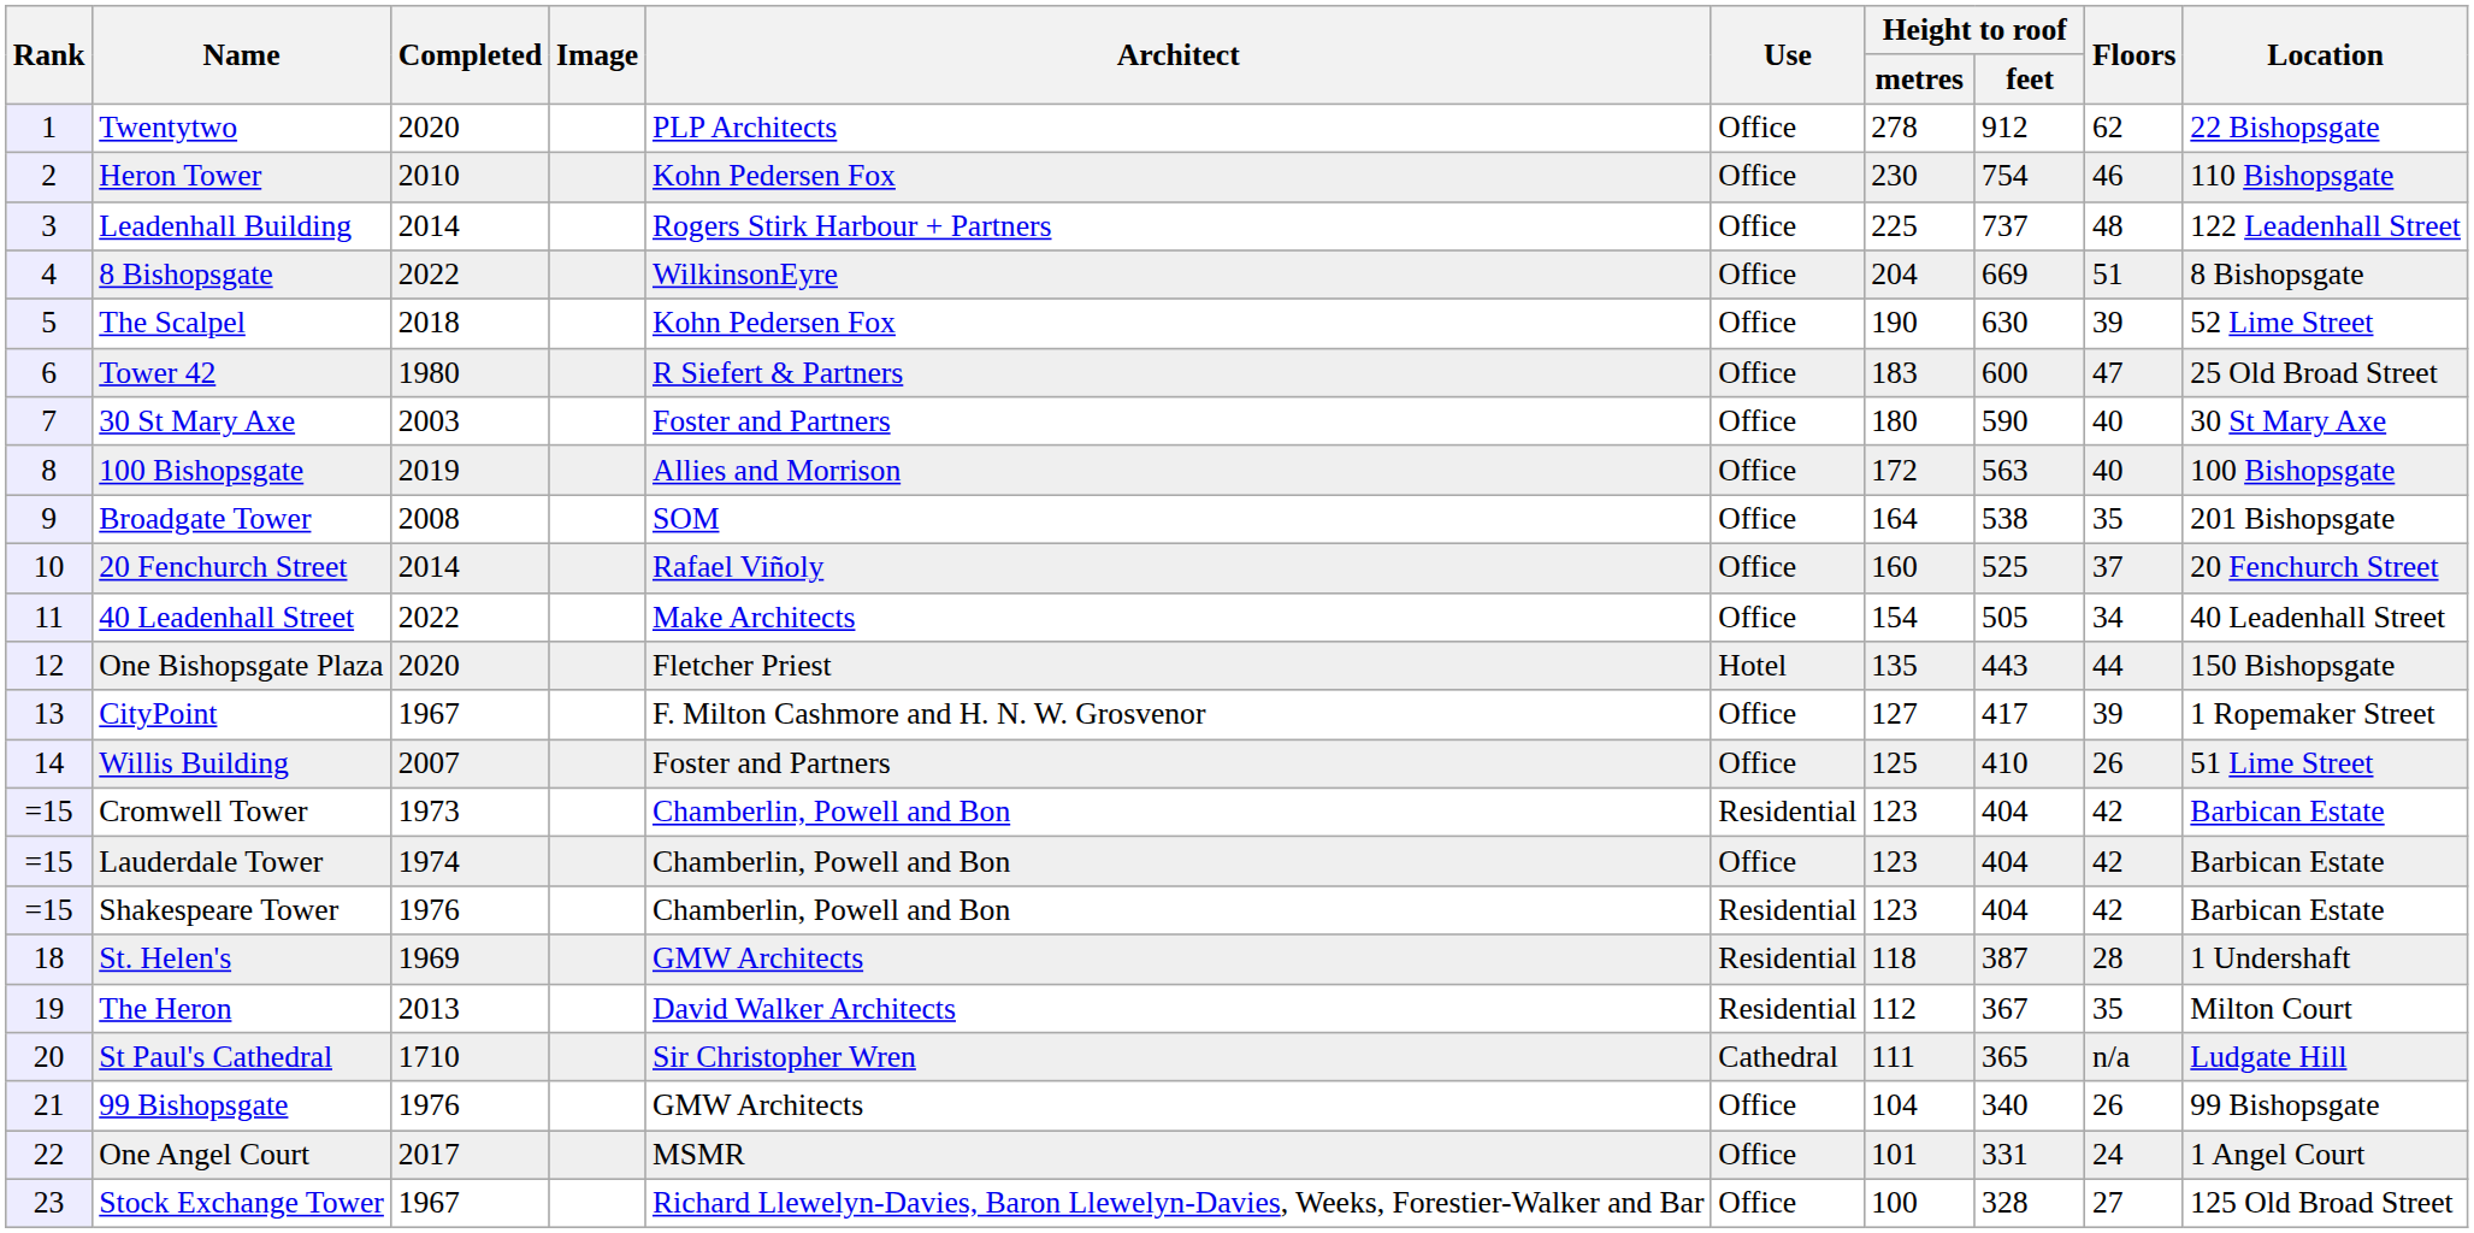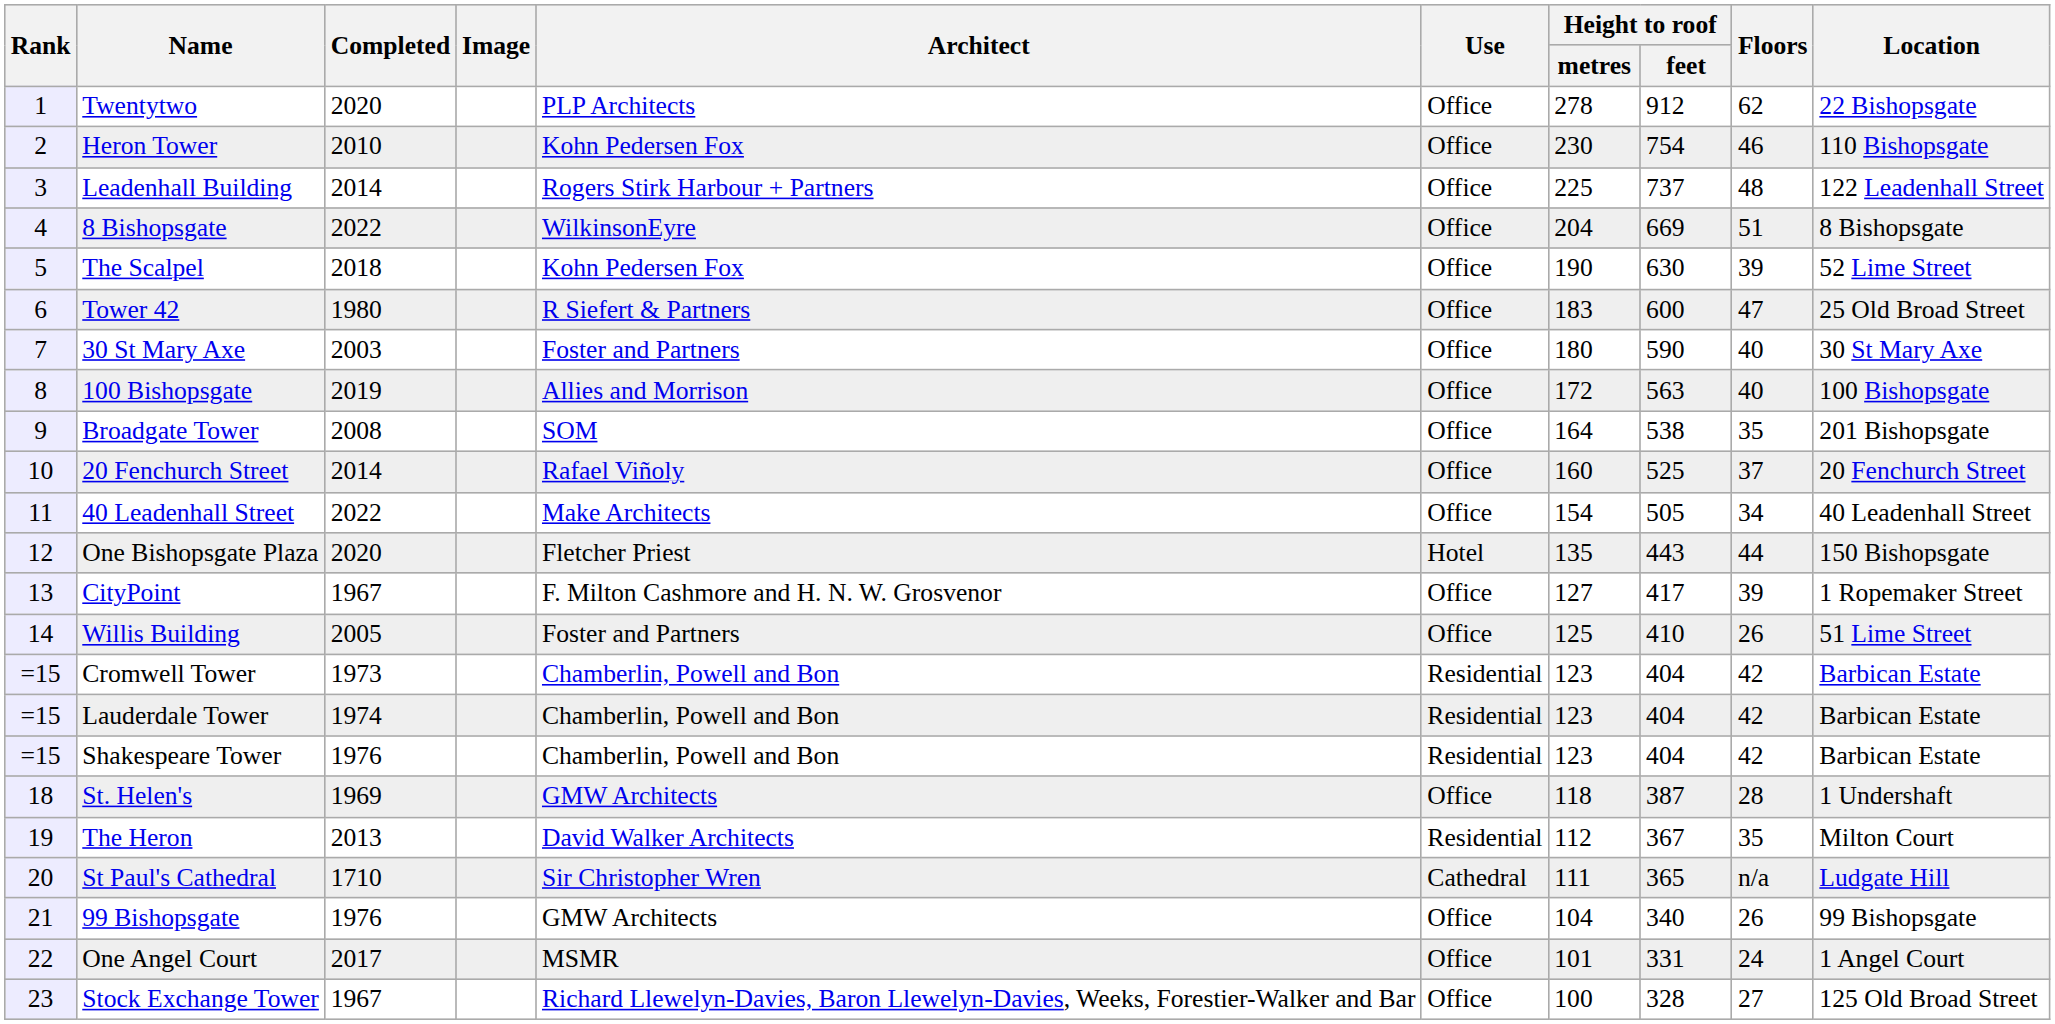 <table class="wikitable sortable" style="border:#999; background:#fff;">
 <tr>
 <th rowspan="2">Rank</th>
 <th rowspan="2">Name</th>
 <th rowspan="2">Completed</th>
 <th rowspan="2">Image</th>
 <th rowspan="2">Architect</th>
 <th rowspan="2">Use</th>
 <th colspan="2">Height to roof</th>
 <th rowspan="2">Floors</th>
 <th rowspan="2">Location</th>
 </tr>
 <tr>
 <th style="width:50px">metres</th>
 <th style="width:50px">feet</th>
 </tr>
 <tr>
 <td style="text-align:center; background:#edecff;">1</td>
 <td><a href='#'>Twentytwo</a></td>
 <td>2020</td>
 <td></td>
 <td><a href='#'>PLP Architects</a></td>
 <td>Office</td>
 <td>278</td>
 <td>912</td>
 <td>62</td>
 <td><a href='#'>22 Bishopsgate</a></td>
 </tr>
 <tr style="background:#efefef;">
 <td style="text-align:center; background:#edecff;">2</td>
 <td><a href='#'>Heron Tower</a></td>
 <td>2010</td>
 <td></td>
 <td><a href='#'>Kohn Pedersen Fox</a></td>
 <td>Office</td>
 <td>230</td>
 <td>754</td>
 <td>46</td>
 <td>110 <a href='#'>Bishopsgate</a></td>
 </tr>
 <tr>
 <td style="text-align:center; background:#edecff;">3</td>
 <td><a href='#'>Leadenhall Building</a></td>
 <td>2014</td>
 <td></td>
 <td><a href='#'>Rogers Stirk Harbour + Partners</a></td>
 <td>Office</td>
 <td>225</td>
 <td>737</td>
 <td>48</td>
 <td>122 <a href='#'>Leadenhall Street</a></td>
 </tr>
 <tr style="background:#efefef;">
 <td style="text-align:center; background:#edecff;">4</td>
 <td><a href='#'>8 Bishopsgate</a></td>
 <td>2022</td>
 <td></td>
 <td><a href='#'>WilkinsonEyre</a></td>
 <td>Office</td>
 <td>204</td>
 <td>669</td>
 <td>51</td>
 <td>8 Bishopsgate</td>
 </tr>
 <tr>
 <td style="text-align:center; background:#edecff;">5</td>
 <td><a href='#'>The Scalpel</a></td>
 <td>2018</td>
 <td></td>
 <td><a href='#'>Kohn Pedersen Fox</a></td>
 <td>Office</td>
 <td>190</td>
 <td>630</td>
 <td>39</td>
 <td>52 <a href='#'>Lime Street</a></td>
 </tr>
 <tr style="background:#efefef;">
 <td style="text-align:center; background:#edecff;">6</td>
 <td><a href='#'>Tower 42</a></td>
 <td>1980</td>
 <td></td>
 <td><a href='#'>R Siefert & Partners</a></td>
 <td>Office</td>
 <td>183</td>
 <td>600</td>
 <td>47</td>
 <td>25 Old Broad Street</td>
 </tr>
 <tr>
 <td style="text-align:center; background:#edecff;">7</td>
 <td><a href='#'>30 St Mary Axe</a></td>
 <td>2003</td>
 <td></td>
 <td><a href='#'>Foster and Partners</a></td>
 <td>Office</td>
 <td>180</td>
 <td>590</td>
 <td>40</td>
 <td>30 <a href='#'>St Mary Axe</a></td>
 </tr>
 <tr style="background:#efefef;">
 <td style="text-align:center; background:#edecff;">8</td>
 <td><a href='#'>100 Bishopsgate</a></td>
 <td>2019</td>
 <td></td>
 <td><a href='#'>Allies and Morrison</a></td>
 <td>Office</td>
 <td>172</td>
 <td>563</td>
 <td>40</td>
 <td>100 <a href='#'>Bishopsgate</a></td>
 </tr>
 <tr>
 <td style="text-align:center; background:#edecff;">9</td>
 <td><a href='#'>Broadgate Tower</a></td>
 <td>2008</td>
 <td></td>
 <td><a href='#'>SOM</a></td>
 <td>Office</td>
 <td>164</td>
 <td>538</td>
 <td>35</td>
 <td>201 Bishopsgate</td>
 </tr>
 <tr style="background:#efefef;">
 <td style="text-align:center; background:#edecff;">10</td>
 <td><a href='#'>20 Fenchurch Street</a></td>
 <td>2014</td>
 <td></td>
 <td><a href='#'>Rafael Viñoly</a></td>
 <td>Office</td>
 <td>160</td>
 <td>525</td>
 <td>37</td>
 <td>20 <a href='#'>Fenchurch Street</a></td>
 </tr>
 <tr>
 <td style="text-align:center; background:#edecff;">11</td>
 <td><a href='#'>40 Leadenhall Street</a></td>
 <td>2022</td>
 <td></td>
 <td><a href='#'>Make Architects</a></td>
 <td>Office</td>
 <td>154</td>
 <td>505</td>
 <td>34</td>
 <td>40 Leadenhall Street</td>
 </tr>
 <tr style="background:#efefef;">
 <td style="text-align:center; background:#edecff;">12</td>
 <td>One Bishopsgate Plaza</td>
 <td>2020</td>
 <td></td>
 <td>Fletcher Priest</td>
 <td>Hotel</td>
 <td>135</td>
 <td>443</td>
 <td>44</td>
 <td>150 Bishopsgate</td>
 </tr>
 <tr>
 <td style="text-align:center; background:#edecff;">13</td>
 <td><a href='#'>CityPoint</a></td>
 <td>1967</td>
 <td></td>
 <td>F. Milton Cashmore and H. N. W. Grosvenor</td>
 <td>Office</td>
 <td>127</td>
 <td>417</td>
 <td>39</td>
 <td>1 Ropemaker Street</td>
 </tr>
 <tr style="background:#efefef;">
 <td style="text-align:center; background:#edecff;">14</td>
 <td><a href='#'>Willis Building</a></td>
-<td>2007</td>
+<td>2005</td>
 <td></td>
 <td>Foster and Partners</td>
 <td>Office</td>
 <td>125</td>
 <td>410</td>
 <td>26</td>
 <td>51 <a href='#'>Lime Street</a></td>
 </tr>
 <tr>
 <td style="text-align:center; background:#edecff;">=15</td>
 <td>Cromwell Tower</td>
 <td>1973</td>
 <td></td>
 <td><a href='#'>Chamberlin, Powell and Bon</a></td>
 <td>Residential</td>
 <td>123</td>
 <td>404</td>
 <td>42</td>
 <td><a href='#'>Barbican Estate</a></td>
 </tr>
 <tr style="background:#efefef;">
 <td style="text-align:center; background:#edecff;">=15</td>
 <td>Lauderdale Tower</td>
 <td>1974</td>
 <td></td>
 <td>Chamberlin, Powell and Bon</td>
-<td>Office</td>
+<td>Residential</td>
 <td>123</td>
 <td>404</td>
 <td>42</td>
 <td>Barbican Estate</td>
 </tr>
 <tr>
 <td style="text-align:center; background:#edecff;">=15</td>
 <td>Shakespeare Tower</td>
 <td>1976</td>
 <td></td>
 <td>Chamberlin, Powell and Bon</td>
 <td>Residential</td>
 <td>123</td>
 <td>404</td>
 <td>42</td>
 <td>Barbican Estate</td>
 </tr>
 <tr style="background:#efefef;">
 <td style="text-align:center; background:#edecff;">18</td>
 <td><a href='#'>St. Helen's</a></td>
 <td>1969</td>
 <td></td>
 <td><a href='#'>GMW Architects</a></td>
-<td>Residential</td>
+<td>Office</td>
 <td>118</td>
 <td>387</td>
 <td>28</td>
 <td>1 Undershaft</td>
 </tr>
 <tr>
 <td style="text-align:center; background:#edecff;">19</td>
 <td><a href='#'>The Heron</a></td>
 <td>2013</td>
 <td></td>
 <td><a href='#'>David Walker Architects</a></td>
 <td>Residential</td>
 <td>112</td>
 <td>367</td>
 <td>35</td>
 <td>Milton Court</td>
 </tr>
 <tr style="background:#efefef;">
 <td style="text-align:center; background:#edecff;">20</td>
 <td><a href='#'>St Paul's Cathedral</a></td>
 <td>1710</td>
 <td></td>
 <td><a href='#'>Sir Christopher Wren</a></td>
 <td>Cathedral</td>
 <td>111</td>
 <td>365</td>
 <td>n/a</td>
 <td><a href='#'>Ludgate Hill</a></td>
 </tr>
 <tr>
 <td style="text-align:center; background:#edecff;">21</td>
 <td><a href='#'>99 Bishopsgate</a></td>
 <td>1976</td>
 <td></td>
 <td>GMW Architects</td>
 <td>Office</td>
 <td>104</td>
 <td>340</td>
 <td>26</td>
 <td>99 Bishopsgate</td>
 </tr>
 <tr style="background:#efefef;">
 <td style="text-align:center; background:#edecff;">22</td>
 <td>One Angel Court</td>
 <td>2017</td>
 <td></td>
 <td>MSMR</td>
 <td>Office</td>
 <td>101</td>
 <td>331</td>
 <td>24</td>
 <td>1 Angel Court</td>
 </tr>
 <tr>
 <td style="text-align:center; background:#edecff;">23</td>
 <td><a href='#'>Stock Exchange Tower</a></td>
 <td>1967</td>
 <td></td>
 <td><a href='#'>Richard Llewelyn-Davies, Baron Llewelyn-Davies</a>, Weeks, Forestier-Walker and Bar</td>
 <td>Office</td>
 <td>100</td>
 <td>328</td>
 <td>27</td>
 <td>125 Old Broad Street</td>
 </tr>
 <tr>
 </tr>
 </table>
